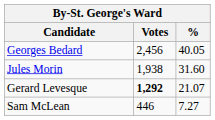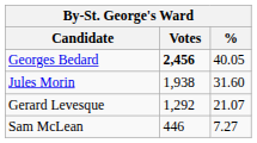 <table class="wikitable">
 <tr>
 <th colspan="3">By-St. George's Ward</th>
 </tr>
 <tr>
 <th style="width: 170px">Candidate</th>
 <th style="width: 50px">Votes</th>
 <th style="width: 40px">%</th>
 </tr>
 <tr>
 <td><a href='#'>Georges Bedard</a></td>
-<td>2,456</td>
+<td><strong>2,456</strong></td>
 <td>40.05</td>
 </tr>
 <tr>
 <td><a href='#'>Jules Morin</a></td>
 <td>1,938</td>
 <td>31.60</td>
 </tr>
 <tr>
 <td>Gerard Levesque</td>
-<td><strong>1,292</strong></td>
+<td>1,292</td>
 <td>21.07</td>
 </tr>
 <tr>
 <td>Sam McLean</td>
 <td>446</td>
 <td>7.27</td>
 </tr>
 </table>
